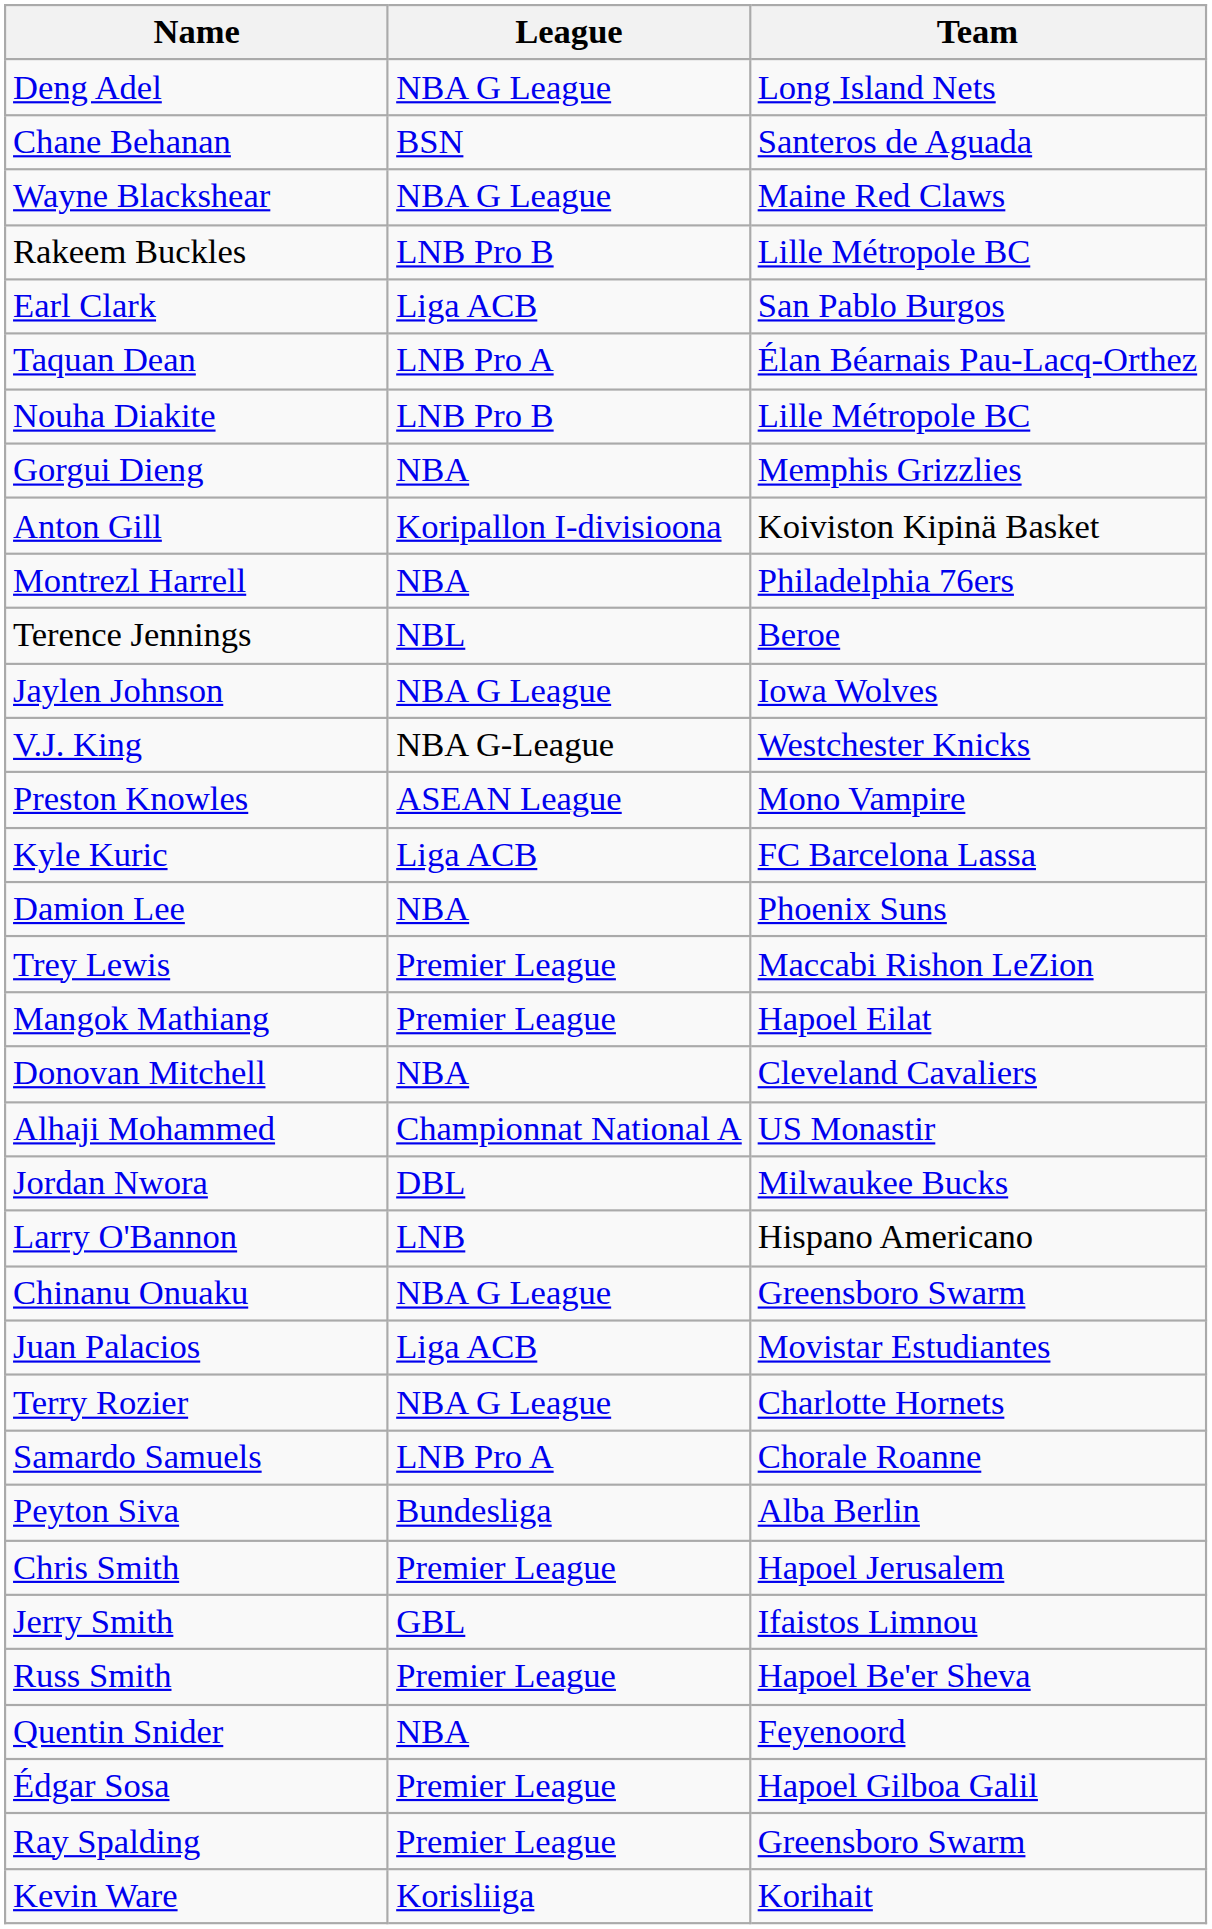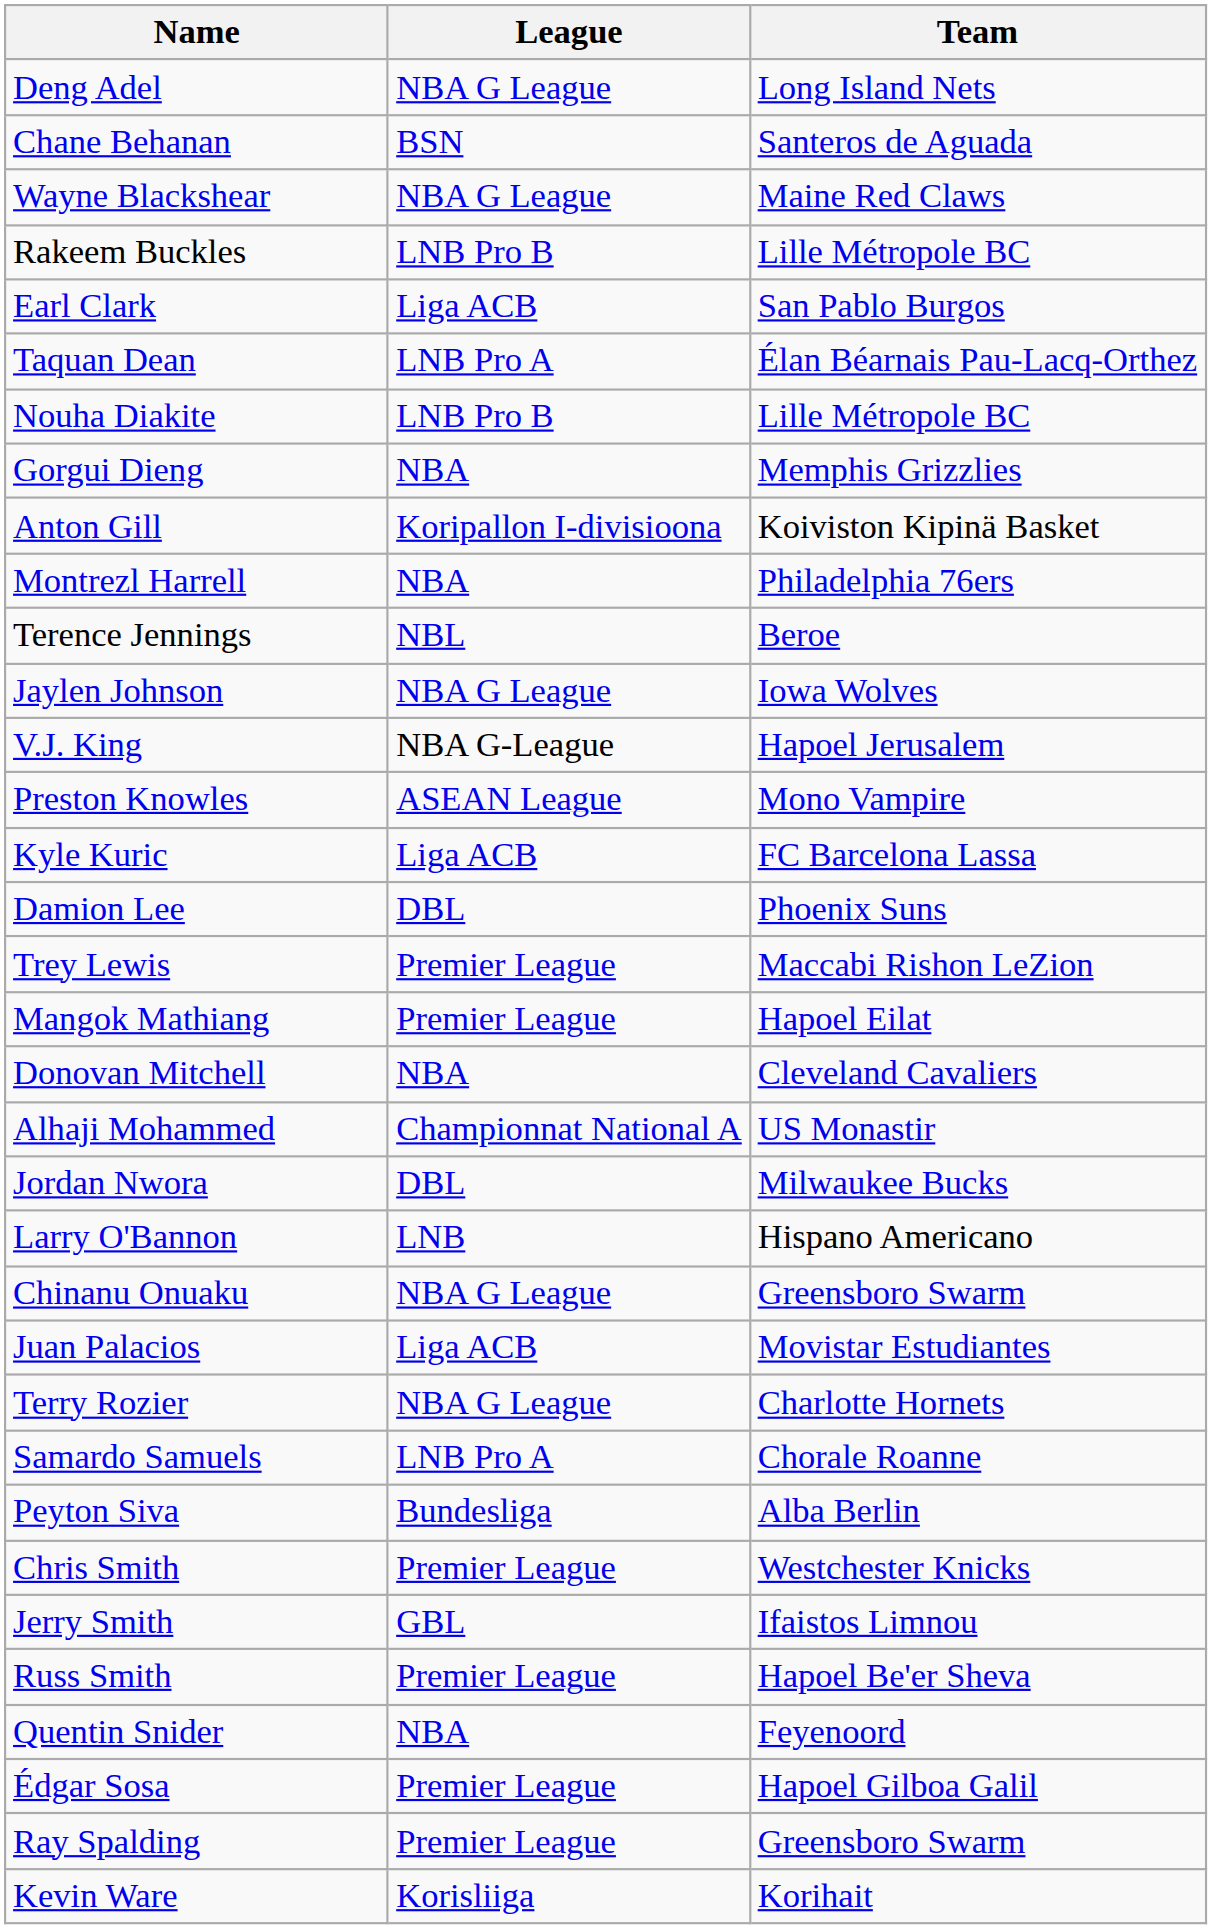 <table class= "wikitable">
 <tr>
 <th width=170px>Name</th>
 <th width=px>League</th>
 <th width=px>Team</th>
 </tr>
 <tr>
 <td><a href='#'>Deng Adel</a></td>
 <td> <a href='#'>NBA G League</a></td>
 <td><a href='#'>Long Island Nets</a></td>
 </tr>
 <tr>
 <td><a href='#'>Chane Behanan</a></td>
 <td> <a href='#'>BSN</a></td>
 <td><a href='#'>Santeros de Aguada</a></td>
 </tr>
 <tr>
 <td><a href='#'>Wayne Blackshear</a></td>
 <td> <a href='#'>NBA G League</a></td>
 <td><a href='#'>Maine Red Claws</a></td>
 </tr>
 <tr>
 <td>Rakeem Buckles</td>
 <td> <a href='#'>LNB Pro B</a></td>
 <td><a href='#'>Lille Métropole BC</a></td>
 </tr>
 <tr>
 <td><a href='#'>Earl Clark</a></td>
 <td> <a href='#'>Liga ACB</a></td>
 <td><a href='#'>San Pablo Burgos</a></td>
 </tr>
 <tr>
 <td><a href='#'>Taquan Dean</a></td>
 <td> <a href='#'>LNB Pro A</a></td>
 <td><a href='#'>Élan Béarnais Pau-Lacq-Orthez</a></td>
 </tr>
 <tr>
 <td><a href='#'>Nouha Diakite</a></td>
 <td> <a href='#'>LNB Pro B</a></td>
 <td><a href='#'>Lille Métropole BC</a></td>
 </tr>
 <tr>
 <td><a href='#'>Gorgui Dieng</a></td>
 <td> <a href='#'>NBA</a></td>
 <td><a href='#'>Memphis Grizzlies</a></td>
 </tr>
 <tr>
 <td><a href='#'>Anton Gill</a></td>
 <td> <a href='#'>Koripallon I-divisioona</a></td>
 <td>Koiviston Kipinä Basket</td>
 </tr>
 <tr>
 <td><a href='#'>Montrezl Harrell</a></td>
 <td> <a href='#'>NBA</a></td>
 <td><a href='#'>Philadelphia 76ers</a></td>
 </tr>
 <tr>
 <td>Terence Jennings</td>
 <td> <a href='#'>NBL</a></td>
 <td><a href='#'>Beroe</a></td>
 </tr>
 <tr>
 <td><a href='#'>Jaylen Johnson</a></td>
 <td> <a href='#'>NBA G League</a></td>
 <td><a href='#'>Iowa Wolves</a></td>
 </tr>
 <tr>
 <td><a href='#'>V.J. King</a></td>
 <td> NBA G-League</td>
-<td><a href='#'>Westchester Knicks</a></td>
+<td><a href='#'>Hapoel Jerusalem</a></td>
 </tr>
 <tr>
 <td><a href='#'>Preston Knowles</a></td>
 <td> <a href='#'>ASEAN League</a></td>
 <td><a href='#'>Mono Vampire</a></td>
 </tr>
 <tr>
 <td><a href='#'>Kyle Kuric</a></td>
 <td> <a href='#'>Liga ACB</a></td>
 <td><a href='#'>FC Barcelona Lassa</a></td>
 </tr>
 <tr>
 <td><a href='#'>Damion Lee</a></td>
-<td> <a href='#'>NBA</a></td>
+<td> <a href='#'>DBL</a></td>
 <td><a href='#'>Phoenix Suns</a></td>
 </tr>
 <tr>
 <td><a href='#'>Trey Lewis</a></td>
 <td> <a href='#'>Premier League</a></td>
 <td><a href='#'>Maccabi Rishon LeZion</a></td>
 </tr>
 <tr>
 <td><a href='#'>Mangok Mathiang</a></td>
 <td> <a href='#'>Premier League</a></td>
 <td><a href='#'>Hapoel Eilat</a></td>
 </tr>
 <tr>
 <td><a href='#'>Donovan Mitchell</a></td>
 <td> <a href='#'>NBA</a></td>
 <td><a href='#'>Cleveland Cavaliers</a></td>
 </tr>
 <tr>
 <td><a href='#'>Alhaji Mohammed</a></td>
 <td> <a href='#'>Championnat National A</a></td>
 <td><a href='#'>US Monastir</a></td>
 </tr>
 <tr>
 <td><a href='#'>Jordan Nwora</a></td>
 <td> <a href='#'>DBL</a></td>
 <td><a href='#'>Milwaukee Bucks</a></td>
 </tr>
 <tr>
 <td><a href='#'>Larry O'Bannon</a></td>
 <td> <a href='#'>LNB</a></td>
 <td>Hispano Americano</td>
 </tr>
 <tr>
 <td><a href='#'>Chinanu Onuaku</a></td>
 <td> <a href='#'>NBA G League</a></td>
 <td><a href='#'>Greensboro Swarm</a></td>
 </tr>
 <tr>
 <td><a href='#'>Juan Palacios</a></td>
 <td> <a href='#'>Liga ACB</a></td>
 <td><a href='#'>Movistar Estudiantes</a></td>
 </tr>
 <tr>
 <td><a href='#'>Terry Rozier</a></td>
 <td> <a href='#'>NBA G League</a></td>
 <td><a href='#'>Charlotte Hornets</a></td>
 </tr>
 <tr>
 <td><a href='#'>Samardo Samuels</a></td>
 <td> <a href='#'>LNB Pro A</a></td>
 <td><a href='#'>Chorale Roanne</a></td>
 </tr>
 <tr>
 <td><a href='#'>Peyton Siva</a></td>
 <td> <a href='#'>Bundesliga</a></td>
 <td><a href='#'>Alba Berlin</a></td>
 </tr>
 <tr>
 <td><a href='#'>Chris Smith</a></td>
 <td> <a href='#'>Premier League</a></td>
-<td><a href='#'>Hapoel Jerusalem</a></td>
+<td><a href='#'>Westchester Knicks</a></td>
 </tr>
 <tr>
 <td><a href='#'>Jerry Smith</a></td>
 <td> <a href='#'>GBL</a></td>
 <td><a href='#'>Ifaistos Limnou</a></td>
 </tr>
 <tr>
 <td><a href='#'>Russ Smith</a></td>
 <td> <a href='#'>Premier League</a></td>
 <td><a href='#'>Hapoel Be'er Sheva</a></td>
 </tr>
 <tr>
 <td><a href='#'>Quentin Snider</a></td>
 <td> <a href='#'>NBA</a></td>
 <td><a href='#'>Feyenoord</a></td>
 </tr>
 <tr>
 <td><a href='#'>Édgar Sosa</a></td>
 <td> <a href='#'>Premier League</a></td>
 <td><a href='#'>Hapoel Gilboa Galil</a></td>
 </tr>
 <tr>
 <td><a href='#'>Ray Spalding</a></td>
 <td> <a href='#'>Premier League</a></td>
 <td><a href='#'>Greensboro Swarm</a></td>
 </tr>
 <tr>
 <td><a href='#'>Kevin Ware</a></td>
 <td> <a href='#'>Korisliiga</a></td>
 <td><a href='#'>Korihait</a></td>
 </tr>
 </table>
